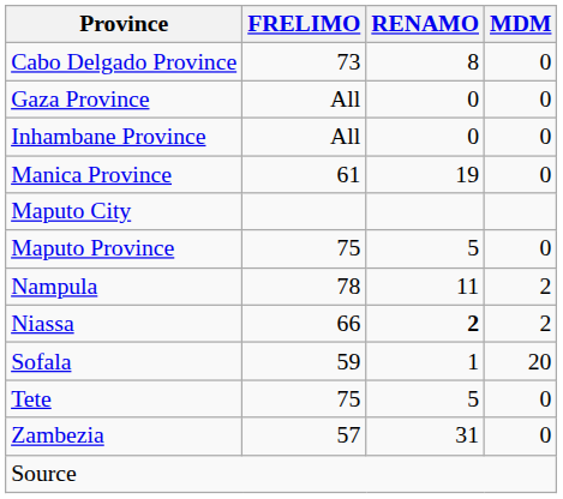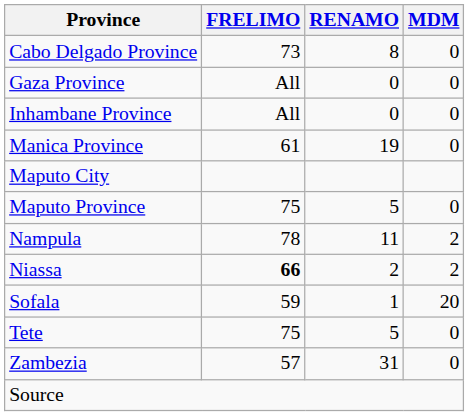 <table class= wikitable style=text-align:right>
 <tr>
 <th>Province</th>
 <th><a href='#'>FRELIMO</a></th>
 <th><a href='#'>RENAMO</a></th>
 <th><a href='#'>MDM</a></th>
 </tr>
 <tr>
 <td align=left><a href='#'>Cabo Delgado Province</a></td>
 <td>73</td>
 <td>8</td>
 <td>0</td>
 </tr>
 <tr>
 <td align=left><a href='#'>Gaza Province</a></td>
 <td>All</td>
 <td>0</td>
 <td>0</td>
 </tr>
 <tr>
 <td align=left><a href='#'>Inhambane Province</a></td>
 <td>All</td>
 <td>0</td>
 <td>0</td>
 </tr>
 <tr>
 <td align=left><a href='#'>Manica Province</a></td>
 <td>61</td>
 <td>19</td>
 <td>0</td>
 </tr>
 <tr>
 <td align=left><a href='#'>Maputo City</a></td>
 <td></td>
 <td></td>
 <td></td>
 </tr>
 <tr>
 <td align=left><a href='#'>Maputo Province</a></td>
 <td>75</td>
 <td>5</td>
 <td>0</td>
 </tr>
 <tr>
 <td align=left><a href='#'>Nampula</a></td>
 <td>78</td>
 <td>11</td>
 <td>2</td>
 </tr>
 <tr>
 <td align=left><a href='#'>Niassa</a></td>
-<td>66</td>
-<td><strong>2</strong></td>
+<td><strong>66</strong></td>
+<td>2</td>
 <td>2</td>
 </tr>
 <tr>
 <td align=left><a href='#'>Sofala</a></td>
 <td>59</td>
 <td>1</td>
 <td>20</td>
 </tr>
 <tr>
 <td align=left><a href='#'>Tete</a></td>
 <td>75</td>
 <td>5</td>
 <td>0</td>
 </tr>
 <tr>
 <td align=left><a href='#'>Zambezia</a></td>
 <td>57</td>
 <td>31</td>
 <td>0</td>
 </tr>
 <tr>
 <td align=left colspan=4>Source </td>
 </tr>
 </table>
